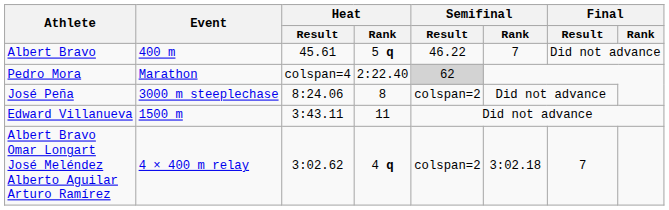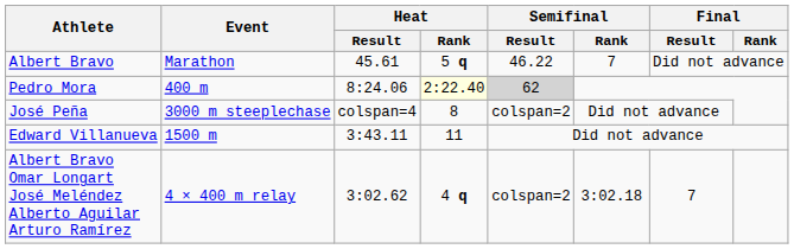 <table class="wikitable" style="font-size:90%">
 <tr>
 <th rowspan="2">Athlete</th>
 <th rowspan="2">Event</th>
 <th colspan="2">Heat</th>
 <th colspan="2">Semifinal</th>
 <th colspan="2">Final</th>
 </tr>
 <tr style="font-size:95%">
 <th>Result</th>
 <th>Rank</th>
 <th>Result</th>
 <th>Rank</th>
 <th>Result</th>
 <th>Rank</th>
 </tr>
 <tr align=center>
 <td align=left><a href='#'>Albert Bravo</a></td>
-<td align=left><a href='#'>400 m</a></td>
+<td align=left><a href='#'>Marathon</a></td>
 <td>45.61</td>
 <td>5 <strong>q</strong></td>
 <td>46.22</td>
 <td>7</td>
 <td colspan=2>Did not advance</td>
 </tr>
 <tr align=center>
 <td align=left><a href='#'>Pedro Mora</a></td>
-<td align=left><a href='#'>Marathon</a></td>
-<td>colspan=4 </td>
-<td>2:22.40</td>
+<td align=left><a href='#'>400 m</a></td>
+<td>8:24.06</td>
+<td style="background: lightyellow;">2:22.40</td>
 <td style="background: lightgrey;">62</td>
 </tr>
 <tr align=center>
 <td align=left><a href='#'>José Peña</a></td>
 <td align=left><a href='#'>3000 m steeplechase</a></td>
-<td>8:24.06</td>
+<td>colspan=4 </td>
 <td>8</td>
 <td>colspan=2 </td>
 <td colspan=2>Did not advance</td>
 </tr>
 <tr align=center>
 <td align=left><a href='#'>Edward Villanueva</a></td>
 <td align=left><a href='#'>1500 m</a></td>
 <td>3:43.11</td>
 <td>11</td>
 <td colspan=4>Did not advance</td>
 </tr>
 <tr align=center>
 <td align=left><a href='#'>Albert Bravo</a><br><a href='#'>Omar Longart</a><br><a href='#'>José Meléndez</a><br><a href='#'>Alberto Aguilar</a><br><a href='#'>Arturo Ramírez</a></td>
 <td align=left><a href='#'>4 × 400 m relay</a></td>
 <td>3:02.62</td>
 <td>4 <strong>q</strong></td>
 <td>colspan=2 </td>
 <td>3:02.18</td>
 <td>7</td>
 </tr>
 </table>
